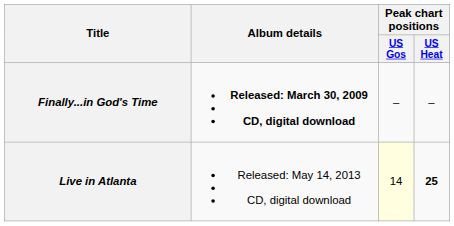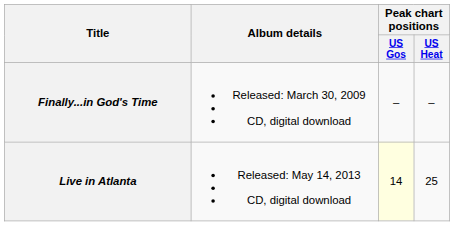 <table class="wikitable plainrowheaders" style="text-align:center;">
 <tr>
 <th scope="col" rowspan="2" style="width:16em;">Title</th>
 <th scope="col" rowspan="2" style="width:16em;">Album details</th>
 <th scope="col" colspan="4">Peak chart positions</th>
 </tr>
 <tr>
 <th style="width:3em; font-size:90%"><a href='#'>US<br>Gos</a></th>
 <th style="width:3em; font-size:90%"><a href='#'>US<br>Heat</a></th>
 </tr>
 <tr>
 <th scope="row"><em>Finally...in God's Time</em></th>
-<td><strong><br><ul><li>Released: March 30, 2009</li><li></li><li>CD, digital download</li></ul></strong></td>
+<td><br><ul><li>Released: March 30, 2009</li><li></li><li>CD, digital download</li></ul></td>
 <td>–</td>
 <td>–</td>
 </tr>
 <tr>
 <th scope="row"><em>Live in Atlanta</em></th>
 <td><br><ul><li>Released: May 14, 2013</li><li></li><li>CD, digital download</li></ul></td>
 <td style="background: lightyellow;">14</td>
-<td><strong>25</strong></td>
+<td>25</td>
 </tr>
 </table>
